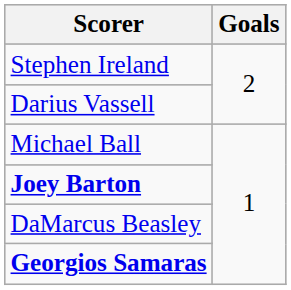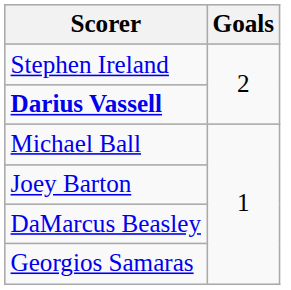 <table class="wikitable">
 <tr>
 <th>Scorer</th>
 <th>Goals</th>
 </tr>
 <tr>
 <td> <a href='#'>Stephen Ireland</a></td>
 <td rowspan="2" align=center>2</td>
 </tr>
 <tr>
-<td> <a href='#'>Darius Vassell</a></td>
+<td><strong> <a href='#'>Darius Vassell</a></strong></td>
 </tr>
 <tr>
 <td> <a href='#'>Michael Ball</a></td>
 <td rowspan="4" align=center>1</td>
 </tr>
 <tr>
-<td><strong> <a href='#'>Joey Barton</a></strong></td>
+<td> <a href='#'>Joey Barton</a></td>
 </tr>
 <tr>
 <td> <a href='#'>DaMarcus Beasley</a></td>
 </tr>
 <tr>
-<td><strong> <a href='#'>Georgios Samaras</a></strong></td>
+<td> <a href='#'>Georgios Samaras</a></td>
 </tr>
 </table>
